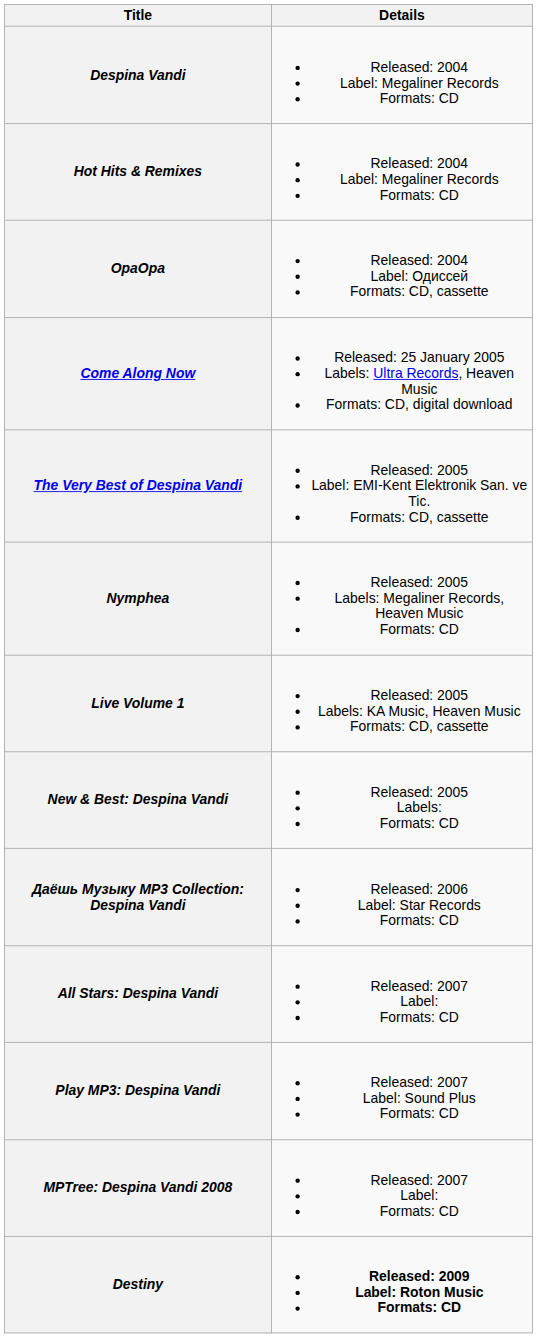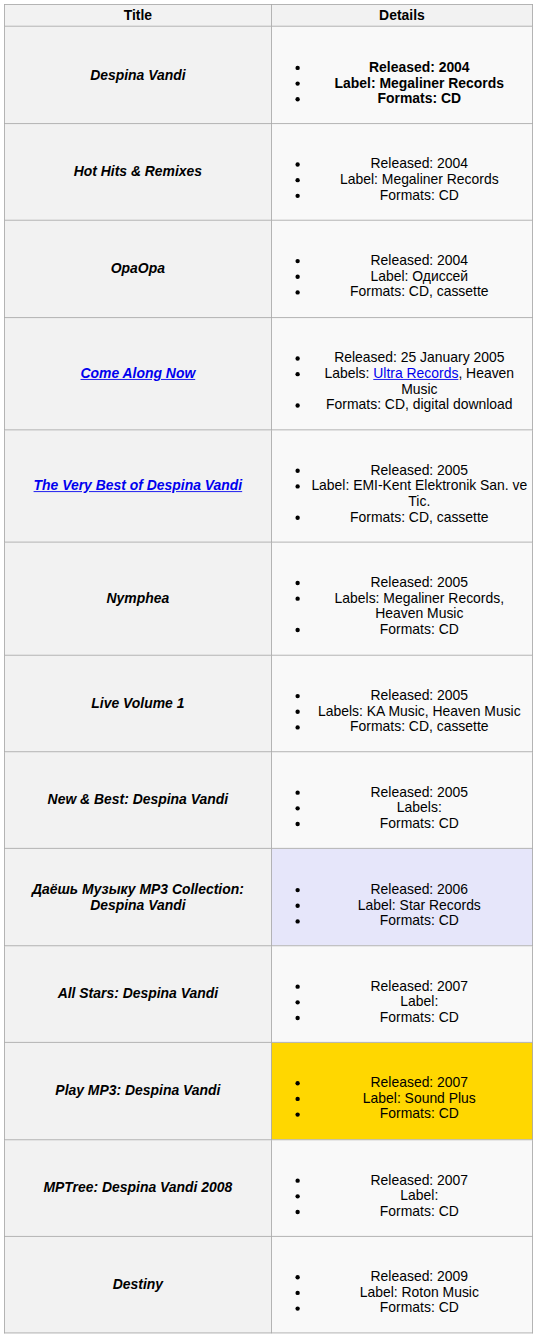 <table class="wikitable plainrowheaders" style="text-align:center;">
 <tr>
 <th scope="col">Title</th>
 <th scope="col">Details</th>
 </tr>
 <tr>
 <th scope="row"><em>Despina Vandi</em></th>
-<td><br><ul><li>Released: 2004</li><li>Label: Megaliner Records</li><li>Formats: CD</li></ul></td>
+<td><strong><br><ul><li>Released: 2004</li><li>Label: Megaliner Records</li><li>Formats: CD</li></ul></strong></td>
 </tr>
 <tr>
 <th scope="row"><em>Hot Hits & Remixes</em></th>
 <td><br><ul><li>Released: 2004</li><li>Label: Megaliner Records</li><li>Formats: CD</li></ul></td>
 </tr>
 <tr>
 <th scope="row"><em>OpaOpa</em></th>
 <td><br><ul><li>Released: 2004</li><li>Label: Одиссей</li><li>Formats: CD, cassette</li></ul></td>
 </tr>
 <tr>
 <th scope="row"><em><a href='#'>Come Along Now</a></em></th>
 <td><br><ul><li>Released: 25 January 2005</li><li>Labels: <a href='#'>Ultra Records</a>, Heaven Music</li><li>Formats: CD, digital download</li></ul></td>
 </tr>
 <tr>
 <th scope="row"><em><a href='#'>The Very Best of Despina Vandi</a></em></th>
 <td><br><ul><li>Released: 2005</li><li>Label: EMI-Kent Elektronik San. ve Tic.</li><li>Formats: CD, cassette</li></ul></td>
 </tr>
 <tr>
 <th scope="row"><em>Nymphea</em></th>
 <td><br><ul><li>Released: 2005</li><li>Labels: Megaliner Records, Heaven Music</li><li>Formats: CD</li></ul></td>
 </tr>
 <tr>
 <th scope="row"><em>Live Volume 1</em></th>
 <td><br><ul><li>Released: 2005</li><li>Labels: KA Music, Heaven Music</li><li>Formats: CD, cassette</li></ul></td>
 </tr>
 <tr>
 <th scope="row"><em>New & Best: Despina Vandi</em></th>
 <td><br><ul><li>Released: 2005</li><li>Labels:</li><li>Formats: CD</li></ul></td>
 </tr>
 <tr>
 <th scope="row"><em>Даёшь Музыку MP3 Collection: Despina Vandi</em></th>
-<td><br><ul><li>Released: 2006</li><li>Label: Star Records</li><li>Formats: CD</li></ul></td>
+<td style="background: lavender;"><br><ul><li>Released: 2006</li><li>Label: Star Records</li><li>Formats: CD</li></ul></td>
 </tr>
 <tr>
 <th scope="row"><em>All Stars: Despina Vandi</em></th>
 <td><br><ul><li>Released: 2007</li><li>Label:</li><li>Formats: CD</li></ul></td>
 </tr>
 <tr>
 <th scope="row"><em>Play MP3: Despina Vandi</em></th>
-<td><br><ul><li>Released: 2007</li><li>Label: Sound Plus</li><li>Formats: CD</li></ul></td>
+<td style="background: gold;"><br><ul><li>Released: 2007</li><li>Label: Sound Plus</li><li>Formats: CD</li></ul></td>
 </tr>
 <tr>
 <th scope="row"><em>MPTree: Despina Vandi 2008</em></th>
 <td><br><ul><li>Released: 2007</li><li>Label:</li><li>Formats: CD</li></ul></td>
 </tr>
 <tr>
 <th scope="row"><em>Destiny</em></th>
-<td><strong><br><ul><li>Released: 2009</li><li>Label: Roton Music</li><li>Formats: CD</li></ul></strong></td>
+<td><br><ul><li>Released: 2009</li><li>Label: Roton Music</li><li>Formats: CD</li></ul></td>
 </tr>
 </table>
